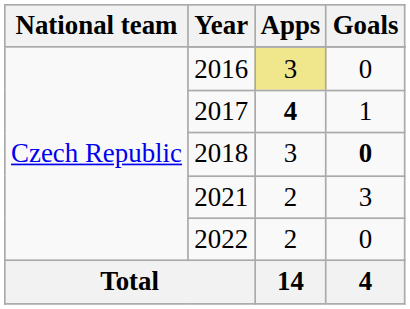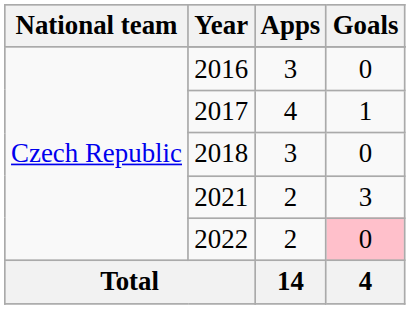 <table class="wikitable" style="text-align: center;">
 <tr>
 <th>National team</th>
 <th>Year</th>
 <th>Apps</th>
 <th>Goals</th>
 </tr>
 <tr>
 <td rowspan="6"><a href='#'>Czech Republic</a></td>
 </tr>
 <tr>
 <td>2016</td>
-<td style="background: khaki;">3</td>
+<td>3</td>
 <td>0</td>
 </tr>
 <tr>
 <td>2017</td>
-<td><strong>4</strong></td>
+<td>4</td>
 <td>1</td>
 </tr>
 <tr>
 <td>2018</td>
 <td>3</td>
-<td><strong>0</strong></td>
+<td>0</td>
 </tr>
 <tr>
 <td>2021</td>
 <td>2</td>
 <td>3</td>
 </tr>
 <tr>
 <td>2022</td>
 <td>2</td>
-<td>0</td>
+<td style="background: pink;">0</td>
 </tr>
 <tr>
 <th colspan="2">Total</th>
 <th>14</th>
 <th>4</th>
 </tr>
 </table>
